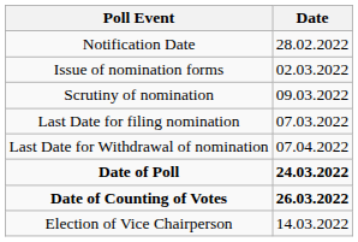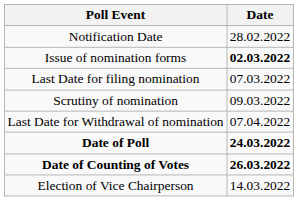 <table class="wikitable" style="text-align:center;">
 <tr>
 <th>Poll Event</th>
 <th>Date</th>
 </tr>
 <tr>
 <td>Notification Date</td>
 <td>28.02.2022</td>
 </tr>
 <tr>
 <td>Issue of nomination forms</td>
-<td>02.03.2022</td>
+<td><strong>02.03.2022</strong></td>
+</tr>
+<tr>
+<td>Last Date for filing nomination</td>
+<td>07.03.2022</td>
 </tr>
 <tr>
 <td>Scrutiny of nomination</td>
 <td>09.03.2022</td>
-</tr>
-<tr>
-<td>Last Date for filing nomination</td>
-<td>07.03.2022</td>
 </tr>
 <tr>
 <td>Last Date for Withdrawal of nomination</td>
 <td>07.04.2022</td>
 </tr>
 <tr>
 <td><strong>Date of Poll</strong></td>
 <td><strong>24.03.2022</strong></td>
 </tr>
 <tr>
 <td><strong>Date of Counting of Votes</strong></td>
 <td><strong>26.03.2022</strong></td>
 </tr>
 <tr>
 <td>Election of Vice Chairperson</td>
 <td>14.03.2022</td>
 </tr>
 </table>
